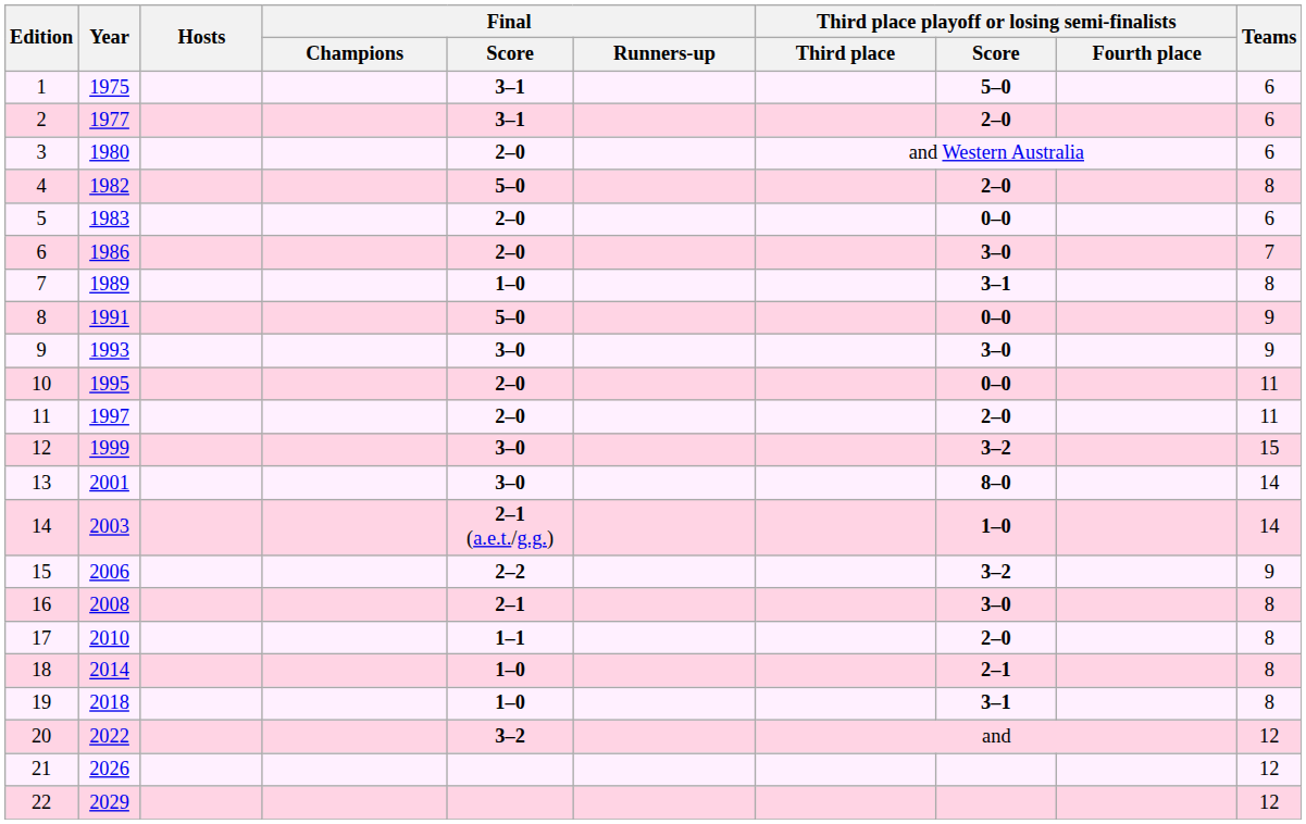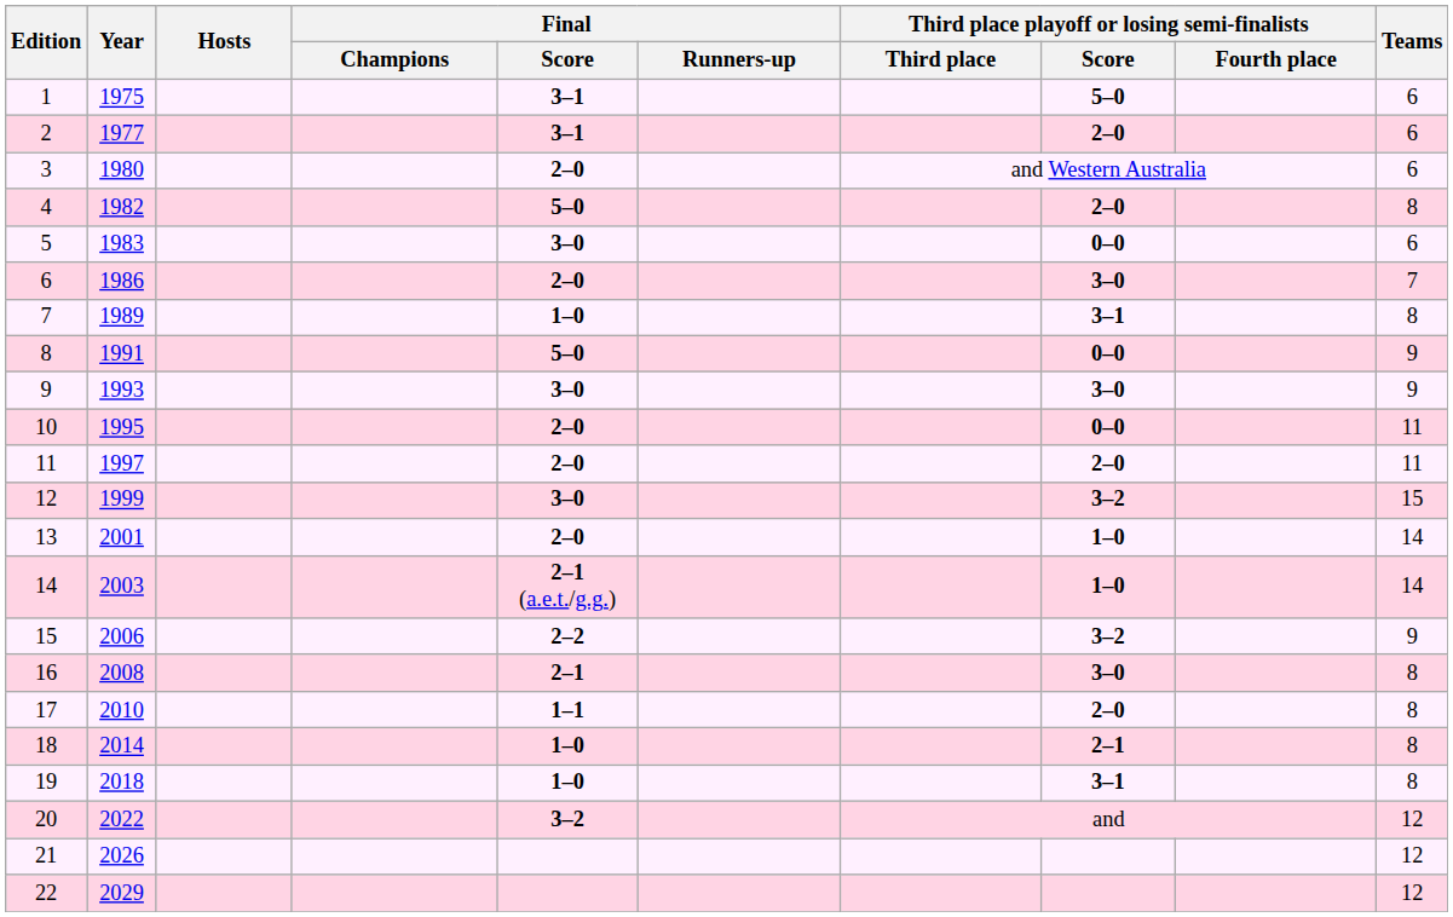 <table class="wikitable" style="font-size:85%; text-align:center; width:100%;">
 <tr>
 <th rowspan="2" style="width:2%;">Edition</th>
 <th rowspan="2" style="width:5%;">Year</th>
 <th rowspan="2" style="width:10%;">Hosts</th>
 <th colspan="3">Final</th>
 <th colspan="3">Third place playoff or losing semi-finalists</th>
 <th rowspan="2">Teams</th>
 </tr>
 <tr>
 <th width="15%">Champions</th>
 <th width="10%">Score</th>
 <th width="15%">Runners-up</th>
 <th width="15%">Third place</th>
 <th width="10%">Score</th>
 <th width="15%">Fourth place</th>
 </tr>
 <tr align="centre" bgcolor="#fff0ff">
 <td>1</td>
 <td><a href='#'>1975</a></td>
 <td align=left></td>
 <td><strong></strong></td>
 <td><strong>3–1</strong></td>
 <td></td>
 <td></td>
 <td><strong>5–0</strong></td>
 <td></td>
 <td>6</td>
 </tr>
 <tr align="centre" bgcolor="#FFD4E4">
 <td>2</td>
 <td><a href='#'>1977</a></td>
 <td align=left></td>
 <td><strong></strong></td>
 <td><strong>3–1</strong></td>
 <td></td>
 <td></td>
 <td><strong>2–0</strong></td>
 <td></td>
 <td bgcolor="#FFD4E4">6</td>
 </tr>
 <tr align="centre" bgcolor="#fff0ff">
 <td>3</td>
 <td><a href='#'>1980</a></td>
 <td align=left></td>
 <td><strong></strong></td>
 <td><strong>2–0</strong></td>
 <td></td>
 <td colspan="3"> and  <a href='#'>Western Australia</a></td>
 <td>6</td>
 </tr>
 <tr align="centre" bgcolor="#FFD4E4">
 <td>4</td>
 <td><a href='#'>1982</a></td>
 <td align=left></td>
 <td><strong></strong></td>
 <td><strong>5–0</strong></td>
 <td></td>
 <td></td>
 <td><strong>2–0</strong></td>
 <td></td>
 <td bgcolor="#FFD4E4">8</td>
 </tr>
 <tr align="centre" bgcolor="#fff0ff">
 <td>5</td>
 <td><a href='#'>1983</a></td>
 <td align=left></td>
 <td><strong></strong></td>
-<td><strong>2–0</strong></td>
+<td><strong>3–0</strong></td>
 <td></td>
 <td></td>
 <td><strong>0–0</strong><br></td>
 <td></td>
 <td>6</td>
 </tr>
 <tr align="centre" bgcolor="#FFD4E4">
 <td>6</td>
 <td><a href='#'>1986</a></td>
 <td align=left></td>
 <td><strong></strong></td>
 <td><strong>2–0</strong></td>
 <td></td>
 <td></td>
 <td><strong>3–0</strong></td>
 <td></td>
 <td>7</td>
 </tr>
 <tr align="centre" bgcolor="#fff0ff">
 <td>7</td>
 <td><a href='#'>1989</a></td>
 <td align=left></td>
 <td><strong></strong></td>
 <td><strong>1–0</strong></td>
 <td></td>
 <td></td>
 <td><strong>3–1</strong></td>
 <td></td>
 <td>8</td>
 </tr>
 <tr align="centre" bgcolor="#FFD4E4">
 <td>8</td>
 <td><a href='#'>1991</a></td>
 <td align=left></td>
 <td><strong></strong></td>
 <td><strong>5–0</strong></td>
 <td></td>
 <td></td>
 <td><strong>0–0</strong> <br></td>
 <td></td>
 <td>9</td>
 </tr>
 <tr align="centre" bgcolor="#fff0ff">
 <td>9</td>
 <td><a href='#'>1993</a></td>
 <td align=left></td>
 <td><strong></strong></td>
 <td><strong>3–0</strong></td>
 <td></td>
 <td></td>
 <td><strong>3–0</strong></td>
 <td></td>
 <td>9</td>
 </tr>
 <tr align="centre" bgcolor="#FFD4E4">
 <td>10</td>
 <td><a href='#'>1995</a></td>
 <td align=left></td>
 <td><strong></strong></td>
 <td><strong>2–0</strong></td>
 <td></td>
 <td></td>
 <td><strong>0–0</strong> <br></td>
 <td></td>
 <td>11</td>
 </tr>
 <tr align="centre" bgcolor="#fff0ff">
 <td>11</td>
 <td><a href='#'>1997</a></td>
 <td align=left></td>
 <td><strong></strong></td>
 <td><strong>2–0</strong></td>
 <td></td>
 <td></td>
 <td><strong>2–0</strong></td>
 <td></td>
 <td>11</td>
 </tr>
 <tr align="centre" bgcolor="#FFD4E4">
 <td>12</td>
 <td><a href='#'>1999</a></td>
 <td align=left></td>
 <td><strong></strong></td>
 <td><strong>3–0</strong></td>
 <td></td>
 <td></td>
 <td><strong>3–2</strong></td>
 <td></td>
 <td>15</td>
 </tr>
 <tr align="centre" bgcolor="#fff0ff">
 <td>13</td>
 <td><a href='#'>2001</a></td>
 <td align=left></td>
 <td><strong></strong></td>
-<td><strong>3–0</strong></td>
+<td><strong>2–0</strong></td>
 <td></td>
 <td></td>
-<td><strong>8–0</strong></td>
+<td><strong>1–0</strong></td>
 <td></td>
 <td>14</td>
 </tr>
 <tr align="centre" bgcolor="#FFD4E4">
 <td>14</td>
 <td><a href='#'>2003</a></td>
 <td align=left></td>
 <td><strong></strong></td>
 <td><strong>2–1</strong> (<a href='#'>a.e.t.</a>/<a href='#'>g.g.</a>)</td>
 <td></td>
 <td></td>
 <td><strong>1–0</strong></td>
 <td></td>
 <td>14</td>
 </tr>
 <tr align="centre" bgcolor="#fff0ff">
 <td>15</td>
 <td><a href='#'>2006</a></td>
 <td align=left></td>
 <td><strong></strong></td>
 <td><strong>2–2</strong> <br></td>
 <td></td>
 <td></td>
 <td><strong>3–2</strong></td>
 <td></td>
 <td>9</td>
 </tr>
 <tr align="centre" bgcolor="#FFD4E4">
 <td>16</td>
 <td><a href='#'>2008</a></td>
 <td align=left></td>
 <td><strong></strong></td>
 <td><strong>2–1</strong></td>
 <td></td>
 <td></td>
 <td><strong>3–0</strong></td>
 <td></td>
 <td>8</td>
 </tr>
 <tr align="centre" bgcolor="#fff0ff">
 <td>17</td>
 <td><a href='#'>2010</a></td>
 <td align=left></td>
 <td><strong></strong></td>
 <td><strong>1–1</strong> <br></td>
 <td></td>
 <td></td>
 <td><strong>2–0</strong></td>
 <td></td>
 <td>8</td>
 </tr>
 <tr align="centre" bgcolor="#FFD4E4">
 <td>18</td>
 <td><a href='#'>2014</a></td>
 <td align=left></td>
 <td><strong></strong></td>
 <td><strong>1–0</strong></td>
 <td></td>
 <td></td>
 <td><strong>2–1</strong></td>
 <td></td>
 <td>8</td>
 </tr>
 <tr align="centre" bgcolor="#fff0ff">
 <td>19</td>
 <td><a href='#'>2018</a></td>
 <td align=left></td>
 <td><strong></strong></td>
 <td><strong>1–0</strong></td>
 <td></td>
 <td></td>
 <td><strong>3–1</strong></td>
 <td></td>
 <td>8</td>
 </tr>
 <tr align="centre" bgcolor="#FFD4E4">
 <td>20</td>
 <td><a href='#'>2022</a></td>
 <td align="left"></td>
 <td><strong></strong></td>
 <td><strong>3–2</strong></td>
 <td></td>
 <td colspan="3"> and </td>
 <td>12</td>
 </tr>
 <tr align="centre" bgcolor="#fff0ff">
 <td>21</td>
 <td><a href='#'>2026</a></td>
 <td align=left></td>
 <td></td>
 <td></td>
 <td></td>
 <td></td>
 <td></td>
 <td></td>
 <td>12</td>
 </tr>
 <tr align="centre" bgcolor="#FFD4E4">
 <td>22</td>
 <td><a href='#'>2029</a></td>
 <td align=left></td>
 <td></td>
 <td></td>
 <td></td>
 <td></td>
 <td></td>
 <td></td>
 <td>12</td>
 </tr>
 </table>
